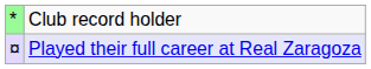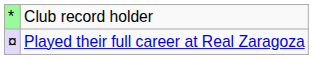 <table class="wikitable">
 <tr>
 <td style="background:#98fb98;">*</td>
 <td>Club record holder</td>
 </tr>
 <tr>
 <td style="background:#e3d9ff;">¤</td>
-<td style="background: lavender;"><a href='#'>Played their full career at Real Zaragoza</a></td>
+<td><a href='#'>Played their full career at Real Zaragoza</a></td>
 </tr>
 </table>
